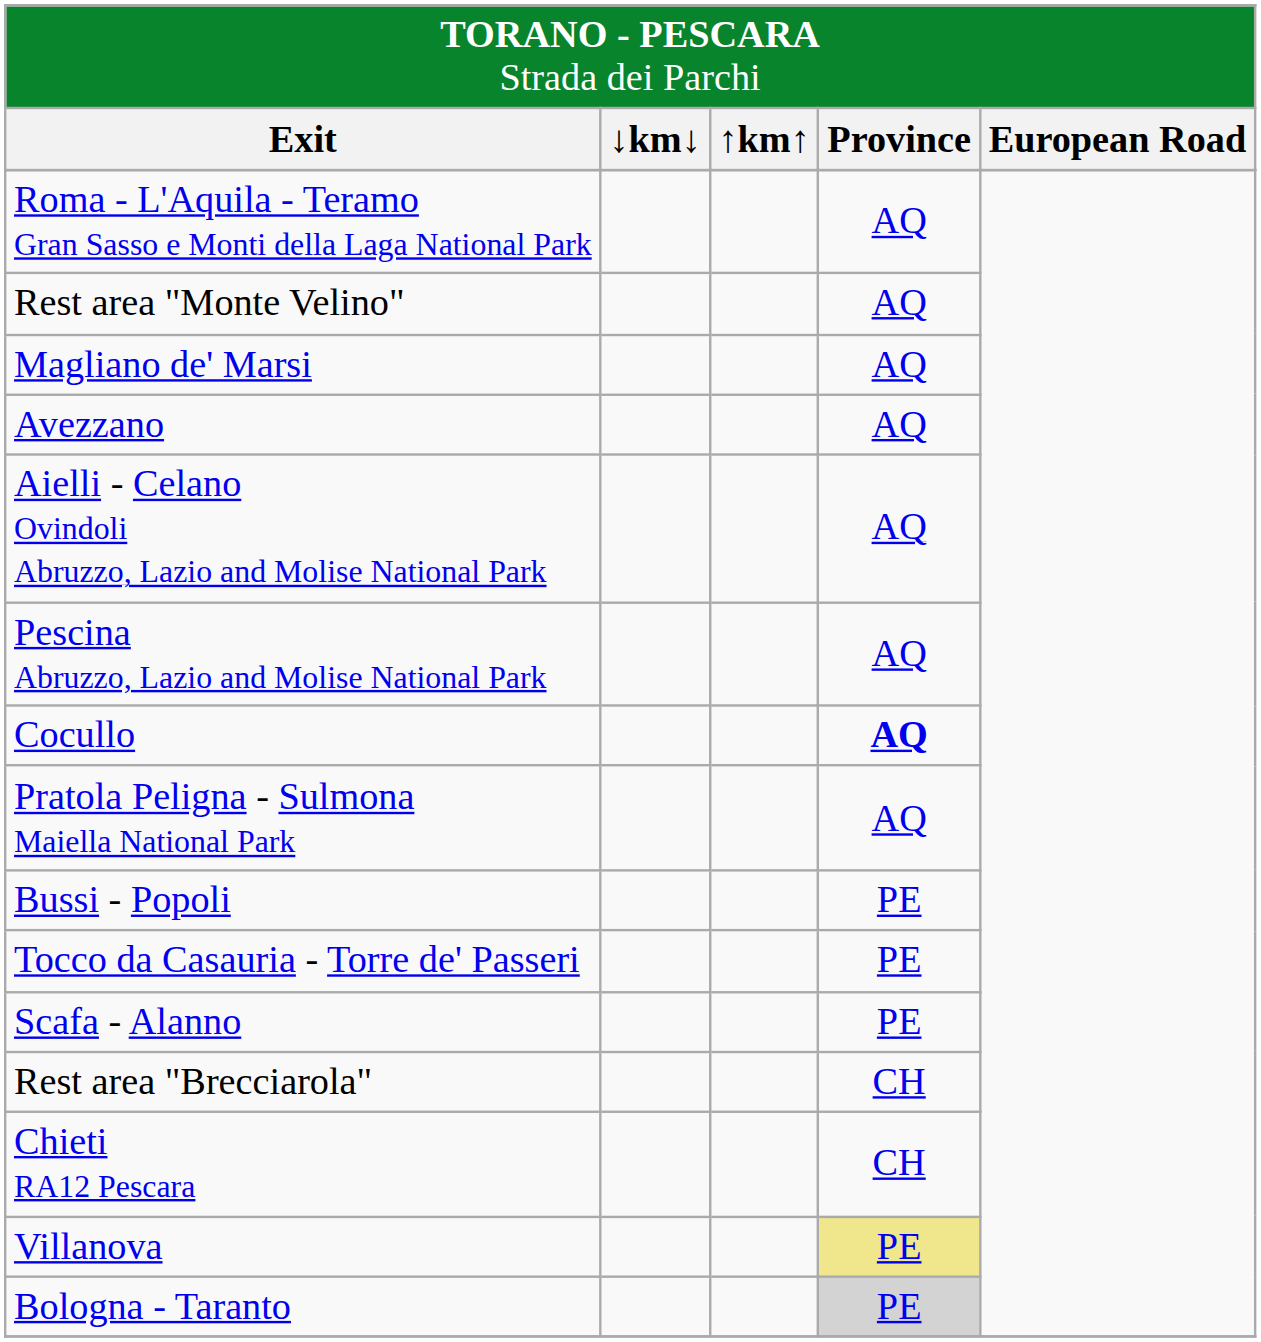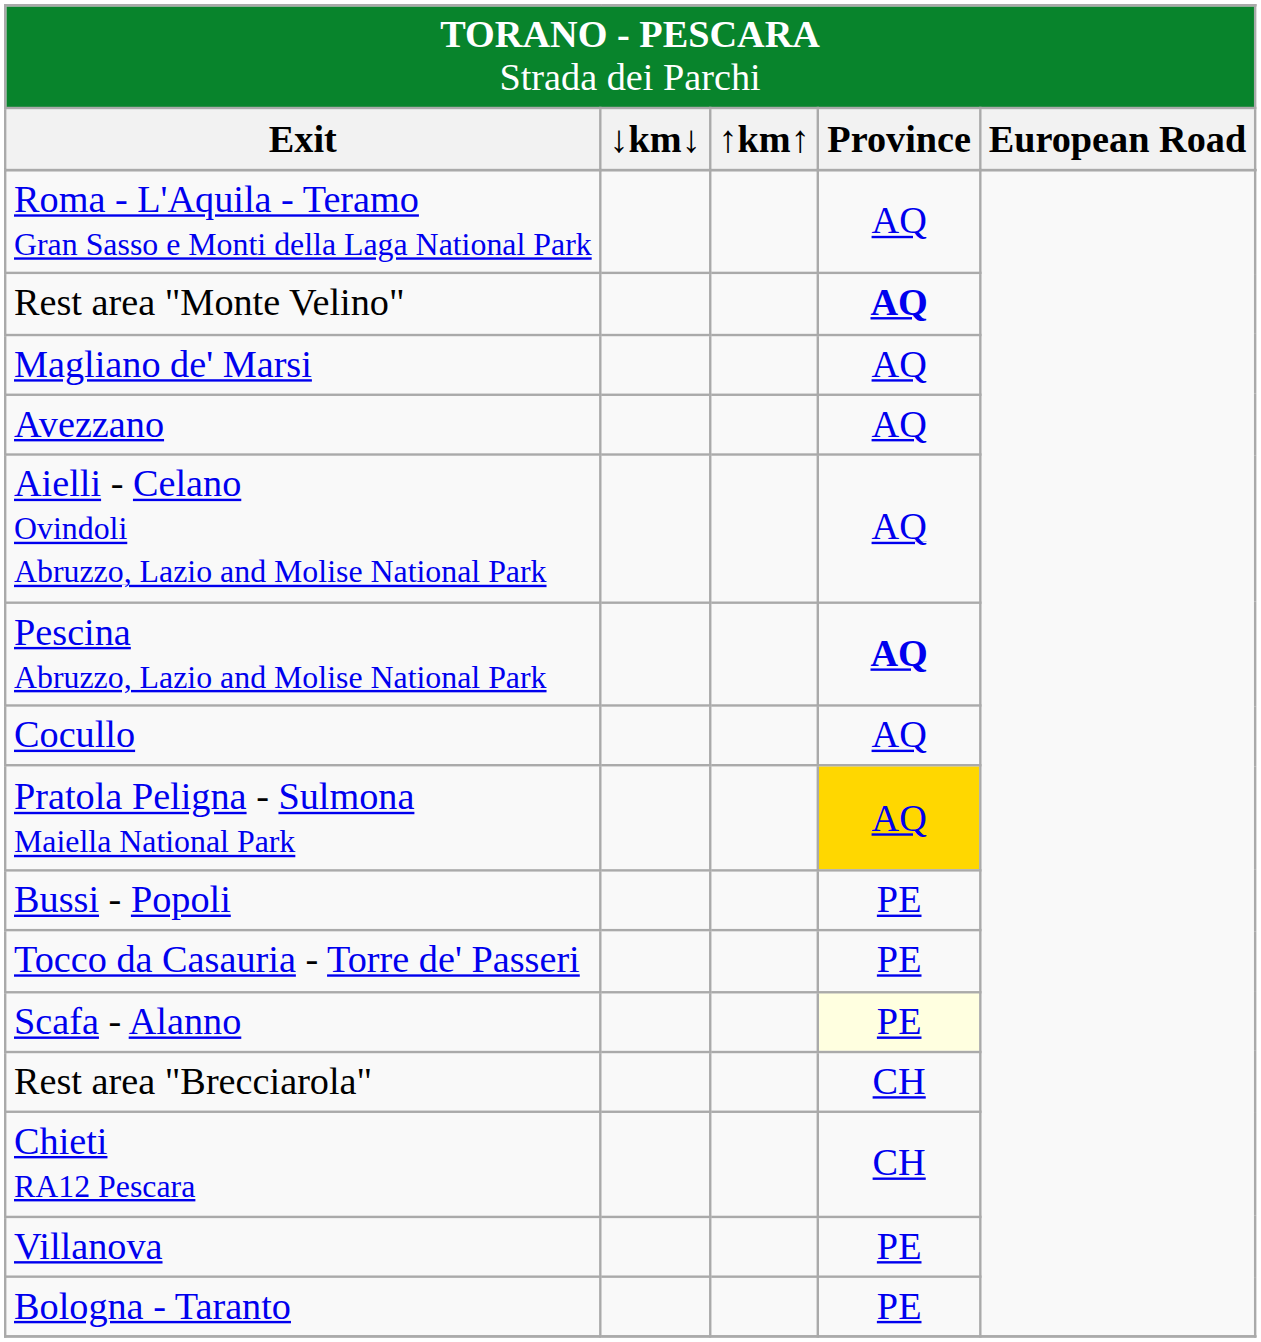 <table class="wikitable">
 <tr>
 </tr>
 <tr align="center" bgcolor="08842C" style="color: white;font-size:100%;">
 <td colspan="6"><strong> TORANO - PESCARA</strong><br>Strada dei Parchi</td>
 </tr>
 <tr>
 <th align="center"><strong>Exit</strong></th>
 <th align="center"><strong>↓km↓</strong></th>
 <th align="center"><strong>↑km↑</strong></th>
 <th align="center"><strong>Province</strong></th>
 <th align="center"><strong>European Road</strong></th>
 </tr>
 <tr>
 </tr>
 <tr>
 <td>   <a href='#'>Roma - L'Aquila - Teramo</a><br><small> <a href='#'>Gran Sasso e Monti della Laga National Park</a></small></td>
 <td align="right"></td>
 <td align="right"></td>
 <td align="center"><a href='#'>AQ</a></td>
 <td rowspan=15></td>
 </tr>
 <tr>
 <td>  Rest area "Monte Velino"</td>
 <td align="right"></td>
 <td align="right"></td>
-<td align="center"><a href='#'>AQ</a></td>
+<td align="center"><strong><a href='#'>AQ</a></strong></td>
 </tr>
 <tr>
 <td> <a href='#'>Magliano de' Marsi</a></td>
 <td align="right"></td>
 <td align="right"></td>
 <td align="center"><a href='#'>AQ</a></td>
 </tr>
 <tr>
 <td> <a href='#'>Avezzano</a></td>
 <td align="right"></td>
 <td align="right"></td>
 <td align="center"><a href='#'>AQ</a></td>
 </tr>
 <tr>
 <td> <a href='#'>Aielli</a> - <a href='#'>Celano</a> <br><small> <a href='#'>Ovindoli</a></small><br><small> <a href='#'>Abruzzo, Lazio and Molise National Park</a></small></td>
 <td align="right"></td>
 <td align="right"></td>
 <td align="center"><a href='#'>AQ</a></td>
 </tr>
 <tr>
 <td> <a href='#'>Pescina</a><br><small> <a href='#'>Abruzzo, Lazio and Molise National Park</a></small></td>
 <td align="right"></td>
 <td align="right"></td>
-<td align="center"><a href='#'>AQ</a></td>
+<td align="center"><strong><a href='#'>AQ</a></strong></td>
 </tr>
 <tr>
 <td> <a href='#'>Cocullo</a></td>
 <td align="right"></td>
 <td align="right"></td>
-<td align="center"><strong><a href='#'>AQ</a></strong></td>
+<td align="center"><a href='#'>AQ</a></td>
 </tr>
 <tr>
 <td> <a href='#'>Pratola Peligna</a> - <a href='#'>Sulmona</a><br><small> <a href='#'>Maiella National Park</a></small></td>
 <td align="right"></td>
 <td align="right"></td>
-<td align="center"><a href='#'>AQ</a></td>
+<td align="center" style="background: gold;"><a href='#'>AQ</a></td>
 </tr>
 <tr>
 <td> <a href='#'>Bussi</a> - <a href='#'>Popoli</a></td>
 <td align="right"></td>
 <td align="right"></td>
 <td align="center"><a href='#'>PE</a></td>
 </tr>
 <tr>
 <td> <a href='#'>Tocco da Casauria</a> - <a href='#'>Torre de' Passeri</a></td>
 <td align="right"></td>
 <td align="right"></td>
 <td align="center"><a href='#'>PE</a></td>
 </tr>
 <tr>
 <td> <a href='#'>Scafa</a> - <a href='#'>Alanno</a></td>
 <td align="right"></td>
 <td align="right"></td>
-<td align="center"><a href='#'>PE</a></td>
+<td align="center" style="background: lightyellow;"><a href='#'>PE</a></td>
 </tr>
 <tr>
 <td>  Rest area "Brecciarola"</td>
 <td align="right"></td>
 <td align="right"></td>
 <td align="center"><a href='#'>CH</a></td>
 </tr>
 <tr>
 <td> <a href='#'>Chieti</a> <br><small>  <a href='#'>RA12 Pescara</a></small></td>
 <td align="right"></td>
 <td align="right"></td>
 <td align="center"><a href='#'>CH</a></td>
 </tr>
 <tr>
 <td> <a href='#'>Villanova</a></td>
 <td align="right"></td>
 <td align="right"></td>
-<td align="center" style="background: khaki;"><a href='#'>PE</a></td>
+<td align="center"><a href='#'>PE</a></td>
 </tr>
 <tr>
 <td>   <a href='#'>Bologna - Taranto</a></td>
 <td align="right"></td>
 <td align="right"></td>
-<td align="center" style="background: lightgrey;"><a href='#'>PE</a></td>
+<td align="center"><a href='#'>PE</a></td>
 </tr>
 <tr>
 </tr>
 </table>
